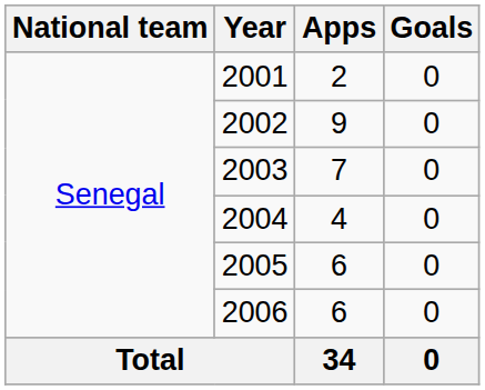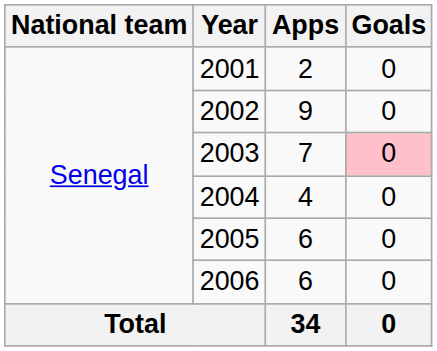 <table class=wikitable style="text-align: center">
 <tr>
 <th>National team</th>
 <th>Year</th>
 <th>Apps</th>
 <th>Goals</th>
 </tr>
 <tr>
 <td rowspan="6"><a href='#'>Senegal</a></td>
 <td>2001</td>
 <td>2</td>
 <td>0</td>
 </tr>
 <tr>
 <td>2002</td>
 <td>9</td>
 <td>0</td>
 </tr>
 <tr>
 <td>2003</td>
 <td>7</td>
-<td>0</td>
+<td style="background: pink;">0</td>
 </tr>
 <tr>
 <td>2004</td>
 <td>4</td>
 <td>0</td>
 </tr>
 <tr>
 <td>2005</td>
 <td>6</td>
 <td>0</td>
 </tr>
 <tr>
 <td>2006</td>
 <td>6</td>
 <td>0</td>
 </tr>
 <tr>
 <th colspan="2">Total</th>
 <th>34</th>
 <th>0</th>
 </tr>
 </table>
